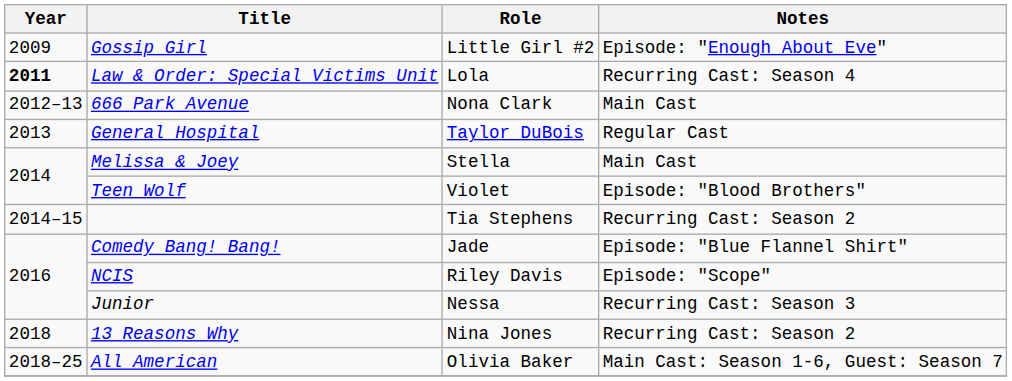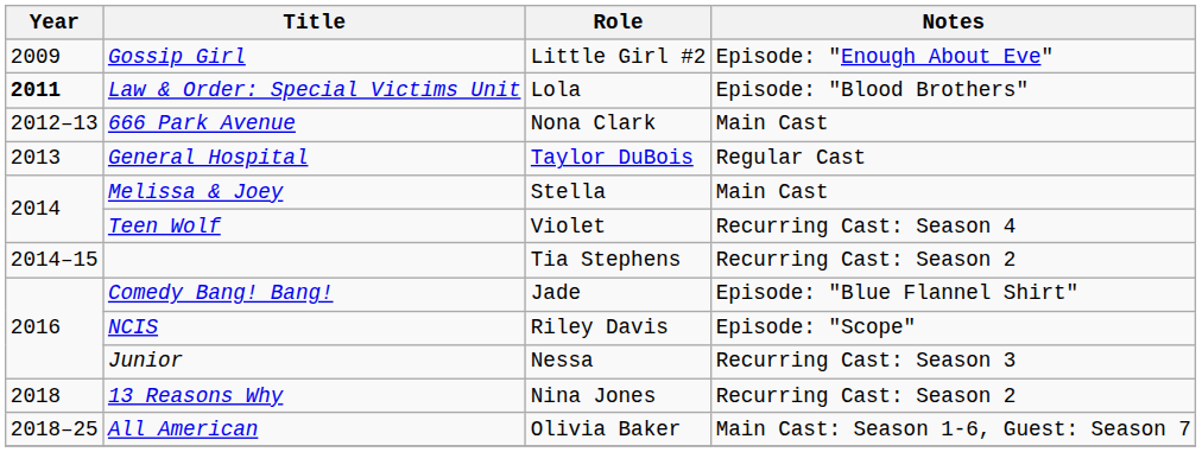 <table class="wikitable sortable">
 <tr>
 <th>Year</th>
 <th>Title</th>
 <th>Role</th>
 <th>Notes</th>
 </tr>
 <tr>
 <td>2009</td>
 <td><em><a href='#'>Gossip Girl</a></em></td>
 <td>Little Girl #2</td>
 <td>Episode: "<a href='#'>Enough About Eve</a>"</td>
 </tr>
 <tr>
 <td><strong>2011</strong></td>
 <td><em><a href='#'>Law & Order: Special Victims Unit</a></em></td>
 <td>Lola</td>
-<td>Recurring Cast: Season 4</td>
+<td>Episode: "Blood Brothers"</td>
 </tr>
 <tr>
 <td>2012–13</td>
 <td><em><a href='#'>666 Park Avenue</a></em></td>
 <td>Nona Clark</td>
 <td>Main Cast</td>
 </tr>
 <tr>
 <td>2013</td>
 <td><em><a href='#'>General Hospital</a></em></td>
 <td><a href='#'>Taylor DuBois</a></td>
 <td>Regular Cast</td>
 </tr>
 <tr>
 <td rowspan=2>2014</td>
 <td><em><a href='#'>Melissa & Joey</a></em></td>
 <td>Stella</td>
 <td>Main Cast</td>
 </tr>
 <tr>
 <td><em><a href='#'>Teen Wolf</a></em></td>
 <td>Violet</td>
-<td>Episode: "Blood Brothers"</td>
+<td>Recurring Cast: Season 4</td>
 </tr>
 <tr>
 <td>2014–15</td>
 <td><em></em></td>
 <td>Tia Stephens</td>
 <td>Recurring Cast: Season 2</td>
 </tr>
 <tr>
 <td rowspan=3>2016</td>
 <td><em><a href='#'>Comedy Bang! Bang!</a></em></td>
 <td>Jade</td>
 <td>Episode: "Blue Flannel Shirt"</td>
 </tr>
 <tr>
 <td><em><a href='#'>NCIS</a></em></td>
 <td>Riley Davis</td>
 <td>Episode: "Scope"</td>
 </tr>
 <tr>
 <td><em>Junior</em></td>
 <td>Nessa</td>
 <td>Recurring Cast: Season 3</td>
 </tr>
 <tr>
 <td>2018</td>
 <td><em><a href='#'>13 Reasons Why</a></em></td>
 <td>Nina Jones</td>
 <td>Recurring Cast: Season 2</td>
 </tr>
 <tr>
 <td>2018–25</td>
 <td><em><a href='#'>All American</a></em></td>
 <td>Olivia Baker</td>
 <td>Main Cast: Season 1-6, Guest: Season 7</td>
 </tr>
 <tr>
 </tr>
 </table>
